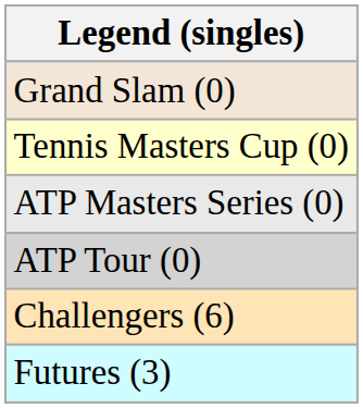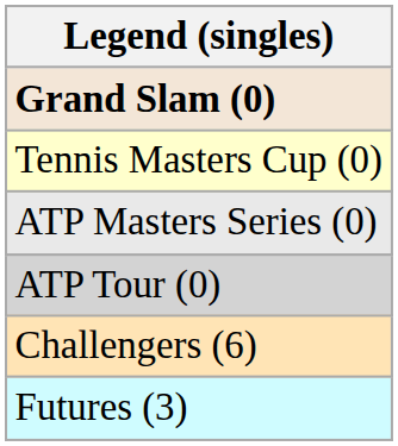 <table class="wikitable">
 <tr>
 <th>Legend (singles)</th>
 </tr>
 <tr style="background:#f3e6d7;">
-<td>Grand Slam (0)</td>
+<td><strong>Grand Slam (0)</strong></td>
 </tr>
 <tr style="background:#ffffcc;">
 <td>Tennis Masters Cup (0)</td>
 </tr>
 <tr style="background:#e9e9e9;">
 <td>ATP Masters Series (0)</td>
 </tr>
 <tr>
 <td style="background: lightgrey;">ATP Tour (0)</td>
 </tr>
 <tr bgcolor="moccasin">
 <td>Challengers (6)</td>
 </tr>
 <tr bgcolor="CFFCFF">
 <td>Futures (3)</td>
 </tr>
 </table>
